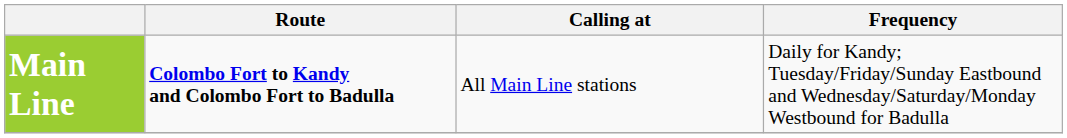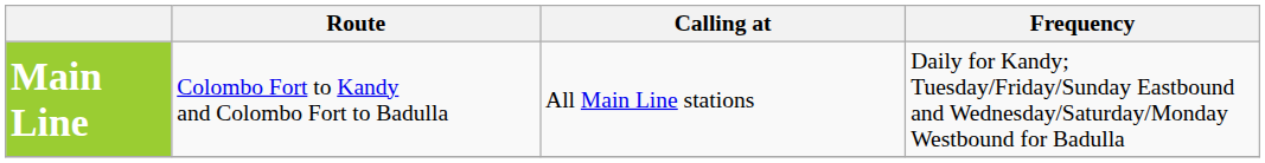 <table class="wikitable">
 <tr>
 <th colspan="1"></th>
 <th>Route</th>
 <th>Calling at</th>
 <th>Frequency</th>
 </tr>
 <tr>
 <td style="background:YellowGreen; color:White" width="120px"><big><big><big><strong>Main Line</strong></big></big></big></td>
-<td width="300px"><strong><a href='#'>Colombo Fort</a> to <a href='#'>Kandy</a> <br>and Colombo Fort to Badulla</strong></td>
+<td width="300px"><a href='#'>Colombo Fort</a> to <a href='#'>Kandy</a> <br>and Colombo Fort to Badulla</td>
 <td width="300px">All <a href='#'>Main Line</a> stations</td>
 <td width="250px">Daily for Kandy; <br>Tuesday/Friday/Sunday Eastbound and Wednesday/Saturday/Monday Westbound for Badulla</td>
 </tr>
 <tr>
 </tr>
 </table>
